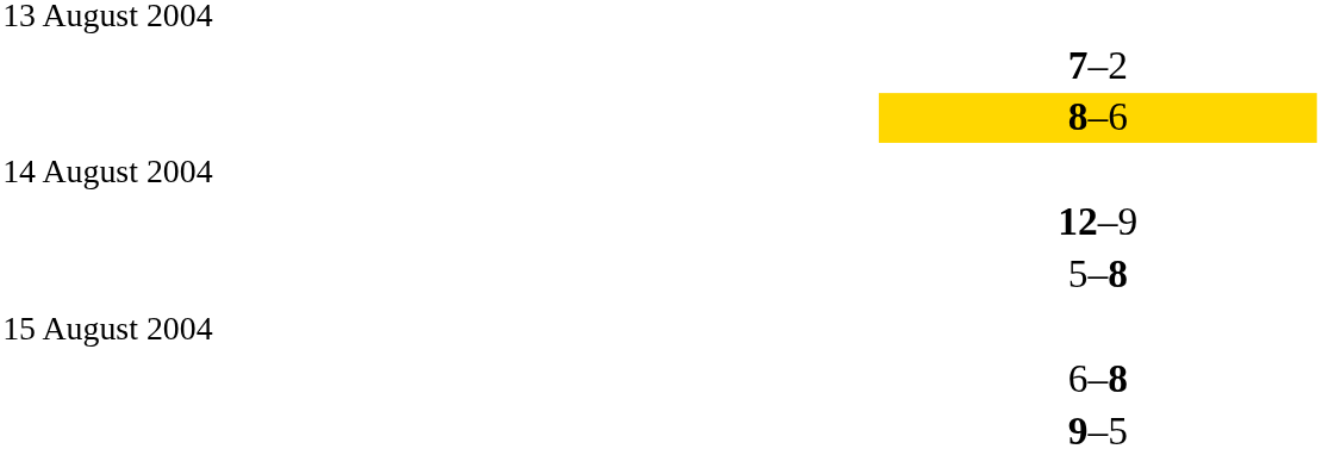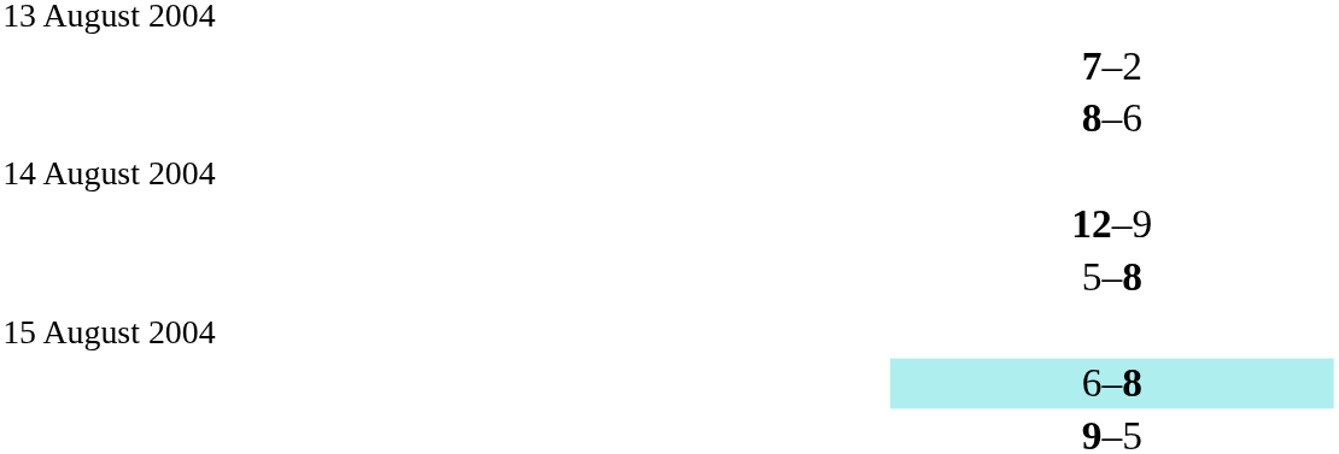 <table width=100% cellspacing=1>
 <tr>
 <th width=40%></th>
 <th width=20%></th>
 <th></th>
 </tr>
 <tr>
 <td><small>13 August 2004</small></td>
 </tr>
 <tr>
 <td align=right><strong></strong></td>
 <td align=center><strong>7</strong>–2</td>
 <td></td>
 </tr>
 <tr>
 <td align=right><strong></strong></td>
-<td align=center style="background: gold;"><strong>8</strong>–6</td>
+<td align=center><strong>8</strong>–6</td>
 <td></td>
 </tr>
 <tr>
 <td><small>14 August 2004</small></td>
 </tr>
 <tr>
 <td align=right><strong></strong></td>
 <td align=center><strong>12</strong>–9</td>
 <td></td>
 </tr>
 <tr>
 <td align=right></td>
 <td align=center>5–<strong>8 </strong></td>
 <td><strong></strong></td>
 </tr>
 <tr>
 <td><small>15 August 2004</small></td>
 </tr>
 <tr>
 <td align=right></td>
-<td align=center>6–<strong>8</strong></td>
+<td align=center style="background: paleturquoise;">6–<strong>8</strong></td>
 <td><strong></strong></td>
 </tr>
 <tr>
 <td align=right><strong></strong></td>
 <td align=center><strong>9</strong>–5</td>
 <td></td>
 </tr>
 </table>
